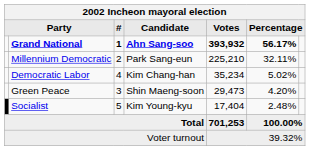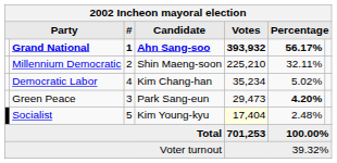 <table class="wikitable">
 <tr>
 <th colspan="7">2002 Incheon mayoral election</th>
 </tr>
 <tr>
 <th style="background-color:#E9E9E9" colspan=2>Party</th>
 <th style="background-color:#E9E9E9">#</th>
 <th style="background-color:#E9E9E9">Candidate</th>
 <th style="background-color:#E9E9E9">Votes</th>
 <th style="background-color:#E9E9E9" colspan=2>Percentage</th>
 </tr>
 <tr style="font-weight:bold">
 <td></td>
 <td align=left><a href='#'>Grand National</a></td>
 <td align=center>1</td>
 <td align=left><a href='#'>Ahn Sang-soo</a></td>
 <td align=right>393,932</td>
 <td align=right>56.17%</td>
 <td align=right></td>
 </tr>
 <tr>
 <td></td>
 <td align=left><a href='#'>Millennium Democratic</a></td>
 <td align=center>2</td>
-<td align=left>Park Sang-eun</td>
+<td align=left>Shin Maeng-soon</td>
 <td align=right>225,210</td>
 <td align=right>32.11%</td>
 <td align=right></td>
 </tr>
 <tr>
 <td></td>
 <td align=left><a href='#'>Democratic Labor</a></td>
 <td align=center>4</td>
 <td align=left>Kim Chang-han</td>
 <td align=right>35,234</td>
 <td align=right>5.02%</td>
 <td align=right></td>
 </tr>
 <tr>
 <td></td>
 <td align=left>Green Peace</td>
 <td align=center>3</td>
-<td align=left>Shin Maeng-soon</td>
+<td align=left>Park Sang-eun</td>
 <td align=right>29,473</td>
-<td align=right>4.20%</td>
+<td align=right><strong>4.20%</strong></td>
 <td align=right></td>
 </tr>
 <tr>
 <td bgcolor="black"></td>
 <td align=left><a href='#'>Socialist</a></td>
 <td align=center>5</td>
 <td align=left>Kim Young-kyu</td>
-<td align=right>17,404</td>
+<td align=right style="background: lightyellow;">17,404</td>
 <td align=right>2.48%</td>
 <td align=right></td>
 </tr>
 <tr bgcolor="#EEEEEE" style="font-weight:bold">
 <td colspan="4" align=right>Total</td>
 <td align=right>701,253</td>
 <td align=right colspan=2>100.00%</td>
 </tr>
 <tr bgcolor="#EEEEEE">
 <td colspan="4" align="right">Voter turnout</td>
 <td colspan="3" align="right">39.32%</td>
 </tr>
 </table>
